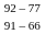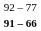 <table style="text-align:center;">
 <tr>
 <th width=200></th>
 <th width=100></th>
 <th width=200></th>
 <th></th>
 </tr>
 <tr>
 <td align=right><strong></strong></td>
 <td>92 – 77</td>
 <td align=left></td>
 </tr>
 <tr>
 <td align=right><strong></strong></td>
-<td>91 – 66</td>
+<td><strong>91 – 66</strong></td>
 <td align=left></td>
 </tr>
 </table>
